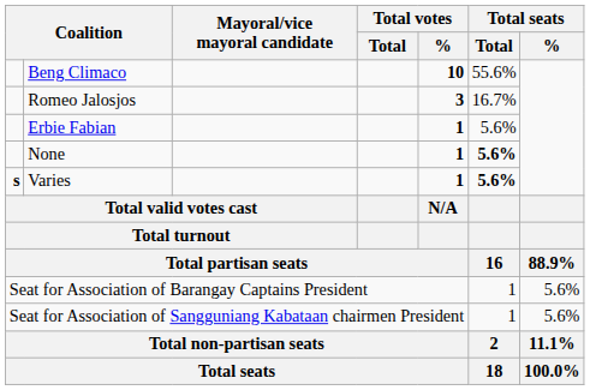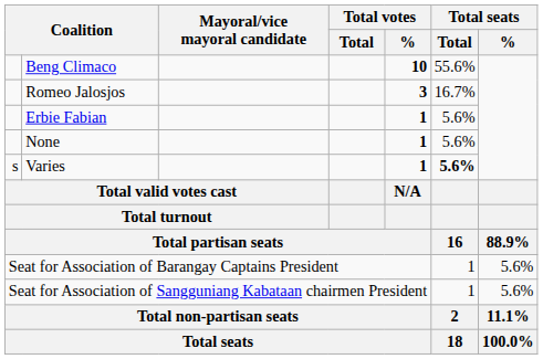 <table class=wikitable style="text-align:right">
 <tr>
 <th rowspan=2 colspan=2>Coalition</th>
 <th rowspan=2>Mayoral/vice<br>mayoral candidate</th>
 <th colspan=2>Total votes</th>
 <th colspan=2>Total seats</th>
 </tr>
 <tr>
 <th>Total</th>
 <th>%</th>
 <th>Total</th>
 <th>%</th>
 </tr>
 <tr>
 <td></td>
 <td align=left><a href='#'>Beng Climaco</a></td>
 <td></td>
 <td></td>
 <td><strong>10</strong></td>
 <td>55.6%</td>
 </tr>
 <tr>
 <td></td>
 <td align=left>Romeo Jalosjos</td>
 <td></td>
 <td></td>
 <td><strong>3</strong></td>
 <td>16.7%</td>
 </tr>
 <tr>
 <td></td>
 <td align=left><a href='#'>Erbie Fabian</a></td>
 <td></td>
 <td></td>
 <td><strong>1</strong></td>
 <td>5.6%</td>
 </tr>
 <tr>
 <td></td>
 <td align=left>None</td>
 <td></td>
 <td></td>
 <td><strong>1</strong></td>
-<td><strong>5.6%</strong></td>
+<td>5.6%</td>
 </tr>
 <tr>
-<td><strong>s</strong></td>
+<td>s</td>
 <td align=left>Varies</td>
 <td></td>
 <td></td>
 <td><strong>1</strong></td>
 <td><strong>5.6%</strong></td>
 </tr>
 <tr>
 <th align=left colspan=3>Total valid votes cast</th>
 <th></th>
 <th>N/A</th>
 <th></th>
 <th></th>
 </tr>
 <tr>
 <th align=left colspan=3>Total turnout</th>
 <th></th>
 <th></th>
 <th></th>
 <th></th>
 </tr>
 <tr>
 <th align=left colspan=5>Total partisan seats</th>
 <th>16</th>
 <th>88.9%</th>
 </tr>
 <tr>
 <td align=left colspan=5>Seat for Association of Barangay Captains President</td>
 <td>1</td>
 <td>5.6%</td>
 </tr>
 <tr>
 <td align=left colspan=5>Seat for Association of <a href='#'>Sangguniang Kabataan</a> chairmen President</td>
 <td>1</td>
 <td>5.6%</td>
 </tr>
 <tr>
 <th align=left colspan=5>Total non-partisan seats</th>
 <th>2</th>
 <th>11.1%</th>
 </tr>
 <tr>
 <th colspan=5>Total seats</th>
 <th>18</th>
 <th>100.0%</th>
 </tr>
 </table>
